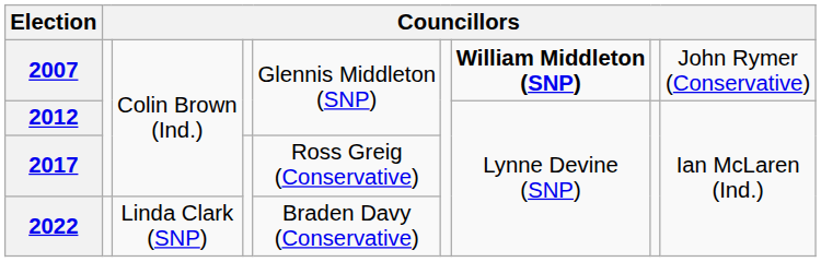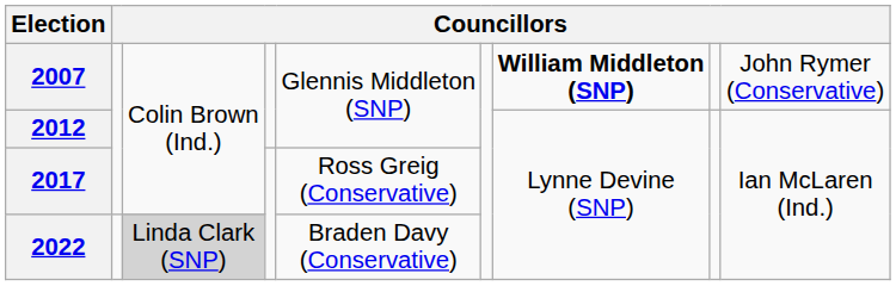 <table class="wikitable" style="text-align:center">
 <tr>
 <th>Election</th>
 <th colspan=8>Councillors</th>
 </tr>
 <tr>
 <th><a href='#'>2007</a></th>
 <td rowspan=3; style="background-color: "></td>
 <td rowspan=3>Colin Brown<br>(Ind.)</td>
 <td rowspan=2; style="background-color: "></td>
 <td rowspan=2>Glennis Middleton<br>(<a href='#'>SNP</a>)</td>
 <td rowspan=4; style="background-color: "></td>
 <td rowspan=1><strong>William Middleton<br>(<a href='#'>SNP</a>)</strong></td>
 <td rowspan=1; style="background-color: "></td>
 <td rowspan=1>John Rymer<br>(<a href='#'>Conservative</a>)</td>
 </tr>
 <tr>
 <th><a href='#'>2012</a></th>
 <td rowspan=3>Lynne Devine<br>(<a href='#'>SNP</a>)</td>
 <td rowspan=3; style="background-color: "></td>
 <td rowspan=3>Ian McLaren<br>(Ind.)</td>
 </tr>
 <tr>
 <th><a href='#'>2017</a></th>
 <td rowspan=2; style="background-color: "></td>
 <td rowspan=1>Ross Greig<br>(<a href='#'>Conservative</a>)</td>
 </tr>
 <tr>
 <th><a href='#'>2022</a></th>
 <td rowspan=1; style="background-color: "></td>
-<td rowspan=1>Linda Clark<br>(<a href='#'>SNP</a>)</td>
+<td rowspan=1 style="background: lightgrey;">Linda Clark<br>(<a href='#'>SNP</a>)</td>
 <td rowspan=1>Braden Davy<br>(<a href='#'>Conservative</a>)</td>
 </tr>
 </table>
